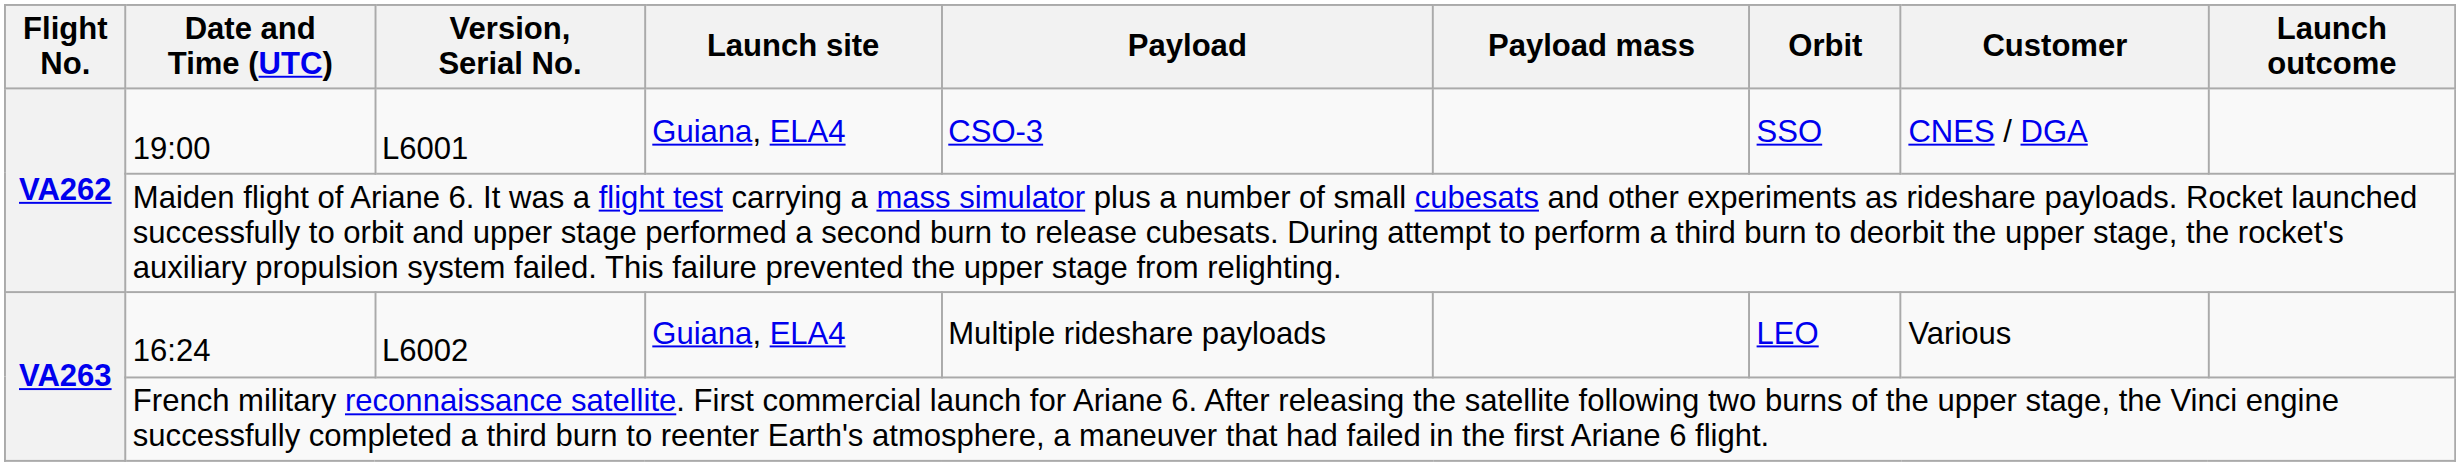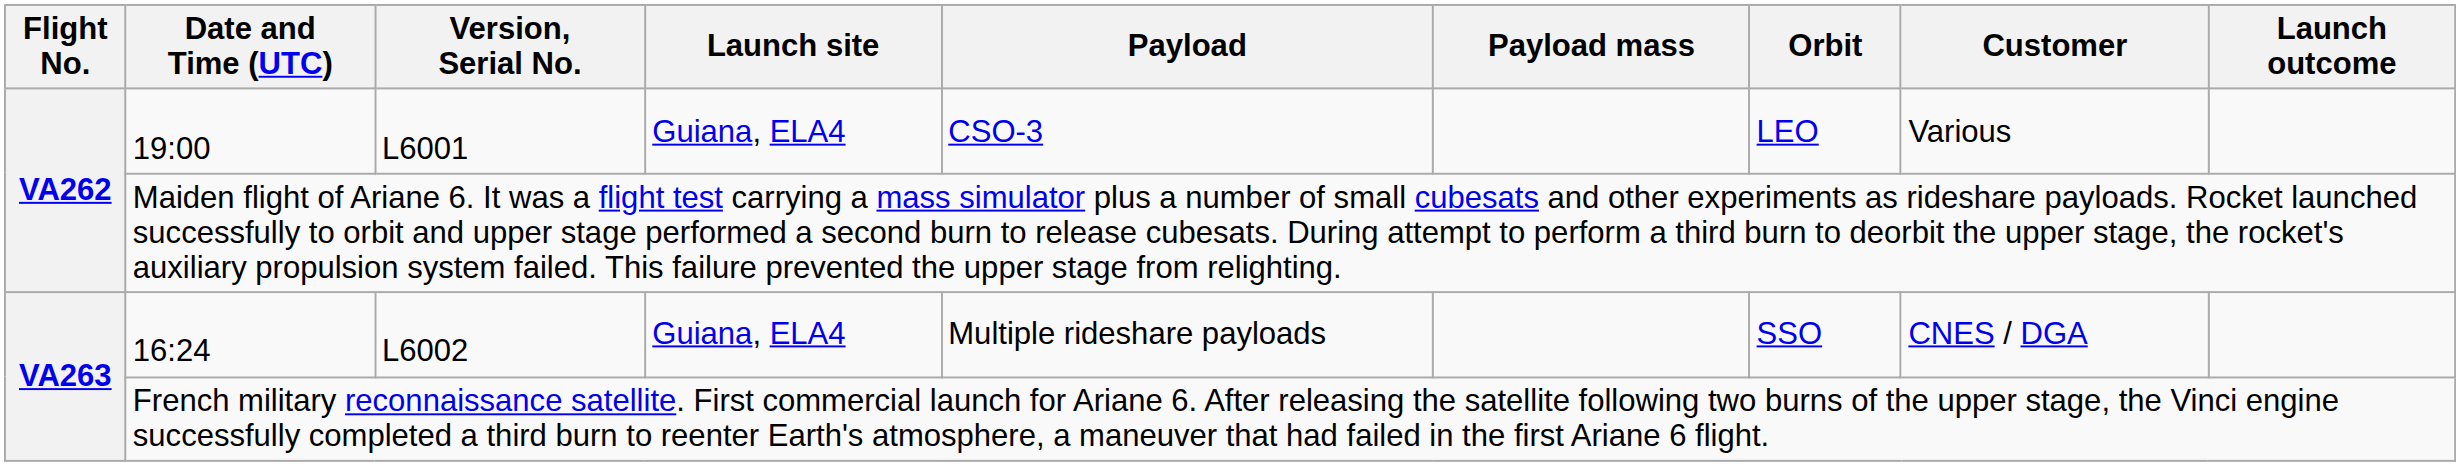 <table class="wikitable sticky-header" style="width: 100%;">
 <tr>
 <th scope="col">Flight No.</th>
 <th scope="col">Date and<br>Time (<a href='#'>UTC</a>)</th>
 <th scope="col">Version,<br>Serial No.</th>
 <th scope="col">Launch site</th>
 <th scope="col">Payload</th>
 <th scope="col">Payload mass</th>
 <th scope="col">Orbit</th>
 <th scope="col">Customer</th>
 <th scope="col">Launch<br>outcome</th>
 </tr>
 <tr>
 <th rowspan="2" scope="row"><a href='#'>VA262</a></th>
 <td><br>19:00</td>
 <td><br>L6001</td>
 <td><a href='#'>Guiana</a>, <a href='#'>ELA4</a></td>
 <td><a href='#'>CSO-3</a></td>
 <td></td>
-<td><a href='#'>SSO</a></td>
-<td><a href='#'>CNES</a> / <a href='#'>DGA</a></td>
+<td><a href='#'>LEO</a></td>
+<td>Various</td>
 <td></td>
 </tr>
 <tr>
 <td colspan="8">Maiden flight of Ariane 6. It was a <a href='#'>flight test</a> carrying a <a href='#'>mass simulator</a> plus a number of small <a href='#'>cubesats</a> and other experiments as rideshare payloads. Rocket launched successfully to orbit and upper stage performed a second burn to release cubesats. During attempt to perform a third burn to deorbit the upper stage, the rocket's auxiliary propulsion system failed. This failure prevented the upper stage from relighting.</td>
 </tr>
 <tr>
 <th rowspan="2" scope="row"><a href='#'>VA263</a></th>
 <td><br>16:24</td>
 <td><br>L6002</td>
 <td><a href='#'>Guiana</a>, <a href='#'>ELA4</a></td>
 <td>Multiple rideshare payloads</td>
 <td></td>
-<td><a href='#'>LEO</a></td>
-<td>Various</td>
+<td><a href='#'>SSO</a></td>
+<td><a href='#'>CNES</a> / <a href='#'>DGA</a></td>
 <td></td>
 </tr>
 <tr>
 <td colspan="8">French military <a href='#'>reconnaissance satellite</a>. First commercial launch for Ariane 6. After releasing the satellite following two burns of the upper stage, the Vinci engine successfully completed a third burn to reenter Earth's atmosphere, a maneuver that had failed in the first Ariane 6 flight.</td>
 </tr>
 </table>
